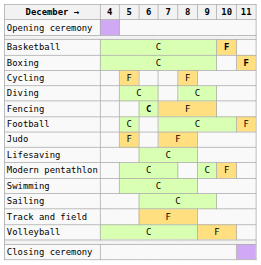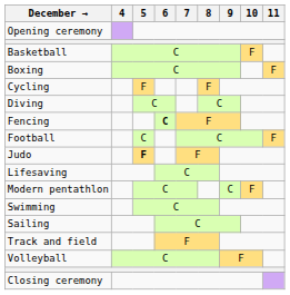 <table class="wikitable" style="margin:0.5em auto; font-size:90%; line-height:1.25em;">
 <tr align="center">
 <th>December   →</th>
 <th width="20px">4</th>
 <th width="20px">5</th>
 <th width="20px">6</th>
 <th width="20px">7</th>
 <th width="20px">8</th>
 <th width="20px">9</th>
 <th width="20px">10</th>
 <th width="20px">11</th>
 </tr>
 <tr align="center">
 <td align="left">Opening ceremony</td>
 <td bgcolor="#D0A9F5"></td>
 <td colspan=7></td>
 </tr>
 <tr align="center">
 <th colspan=9></th>
 </tr>
 <tr align="center">
 <td align="left">Basketball</td>
 <td bgcolor="#D9FFB2" colspan=6>C</td>
-<td bgcolor="#FFDF80"><strong>F</strong></td>
+<td bgcolor="#FFDF80">F</td>
 <td></td>
 </tr>
 <tr align="center">
 <td align="left">Boxing</td>
 <td bgcolor="#D9FFB2" colspan=6>C</td>
 <td></td>
-<td bgcolor="#FFDF80"><strong>F</strong></td>
+<td bgcolor="#FFDF80">F</td>
 </tr>
 <tr align="center">
 <td align="left">Cycling</td>
 <td></td>
 <td bgcolor="#FFDF80">F</td>
 <td></td>
 <td></td>
 <td bgcolor="#FFDF80">F</td>
 <td colspan=3></td>
 </tr>
 <tr align="center">
 <td align="left">Diving</td>
 <td></td>
 <td bgcolor="#D9FFB2" colspan=2>C</td>
 <td></td>
 <td bgcolor="#D9FFB2" colspan=2>C</td>
 <td colspan=2></td>
 </tr>
 <tr align="center">
 <td align="left">Fencing</td>
 <td></td>
 <td></td>
 <td bgcolor="#D9FFB2"><strong>C</strong></td>
 <td bgcolor="#FFDF80" colspan=3>F</td>
 <td colspan=2></td>
 </tr>
 <tr align="center">
 <td align="left">Football</td>
 <td></td>
 <td bgcolor="#D9FFB2">C</td>
 <td></td>
 <td bgcolor="#D9FFB2" colspan=4>C</td>
 <td bgcolor="#FFDF80">F</td>
 </tr>
 <tr align="center">
 <td align="left">Judo</td>
 <td></td>
-<td bgcolor="#FFDF80">F</td>
+<td bgcolor="#FFDF80"><strong>F</strong></td>
 <td></td>
 <td bgcolor="#FFDF80" colspan=2>F</td>
 <td colspan=3></td>
 </tr>
 <tr align="center">
 <td align="left">Lifesaving</td>
 <td colspan=2></td>
 <td bgcolor="#D9FFB2" colspan=3>C</td>
 <td colspan=3></td>
 </tr>
 <tr align="center">
 <td align="left">Modern pentathlon</td>
 <td></td>
 <td bgcolor="#D9FFB2" colspan=3>C</td>
 <td></td>
 <td bgcolor="#D9FFB2">C</td>
 <td bgcolor="#FFDF80">F</td>
 <td></td>
 </tr>
 <tr align="center">
 <td align="left">Swimming</td>
 <td></td>
 <td bgcolor="#D9FFB2" colspan=4>C</td>
 <td colspan=3></td>
 </tr>
 <tr align="center">
 <td align="left">Sailing</td>
 <td colspan=2></td>
 <td bgcolor="#D9FFB2" colspan=4>C</td>
 <td colspan=2></td>
 </tr>
 <tr align="center">
 <td align="left">Track and field</td>
 <td colspan=2></td>
 <td bgcolor="#FFDF80" colspan=3>F</td>
 <td colspan=3></td>
 </tr>
 <tr align="center">
 <td align="left">Volleyball</td>
 <td bgcolor="#D9FFB2" colspan=5>C</td>
 <td bgcolor="#FFDF80" colspan=2>F</td>
 <td></td>
 </tr>
 <tr>
 <th colspan=9></th>
 </tr>
 <tr>
 <td align="left">Closing ceremony</td>
 <td colspan=7></td>
 <td bgcolor="#D0A9F5"></td>
 </tr>
 </table>
